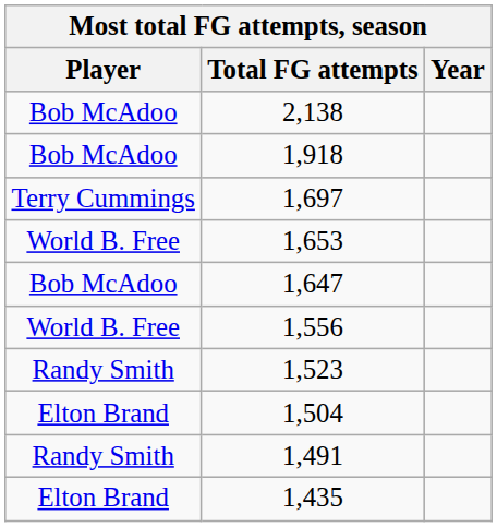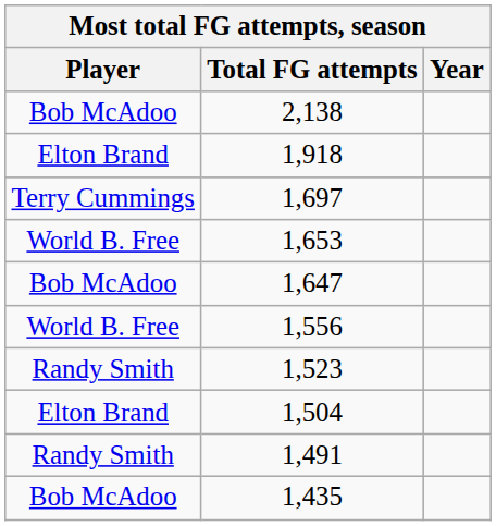 <table class="wikitable sortable" style="text-align:center">
 <tr>
 <th colspan="3">Most total FG attempts, season</th>
 </tr>
 <tr>
 <th>Player</th>
 <th>Total FG attempts</th>
 <th>Year</th>
 </tr>
 <tr>
 <td><a href='#'>Bob McAdoo</a></td>
 <td>2,138</td>
 <td></td>
 </tr>
 <tr>
-<td><a href='#'>Bob McAdoo</a></td>
+<td><a href='#'>Elton Brand</a></td>
 <td>1,918</td>
 <td></td>
 </tr>
 <tr>
 <td><a href='#'>Terry Cummings</a></td>
 <td>1,697</td>
 <td></td>
 </tr>
 <tr>
 <td><a href='#'>World B. Free</a></td>
 <td>1,653</td>
 <td></td>
 </tr>
 <tr>
 <td><a href='#'>Bob McAdoo</a></td>
 <td>1,647</td>
 <td></td>
 </tr>
 <tr>
 <td><a href='#'>World B. Free</a></td>
 <td>1,556</td>
 <td></td>
 </tr>
 <tr>
 <td><a href='#'>Randy Smith</a></td>
 <td>1,523</td>
 <td></td>
 </tr>
 <tr>
 <td><a href='#'>Elton Brand</a></td>
 <td>1,504</td>
 <td></td>
 </tr>
 <tr>
 <td><a href='#'>Randy Smith</a></td>
 <td>1,491</td>
 <td></td>
 </tr>
 <tr>
-<td><a href='#'>Elton Brand</a></td>
+<td><a href='#'>Bob McAdoo</a></td>
 <td>1,435</td>
 <td></td>
 </tr>
 </table>
